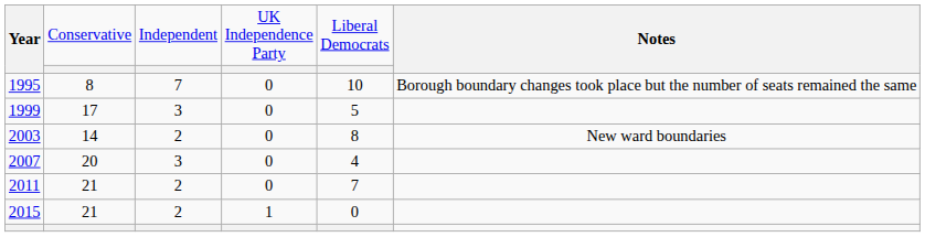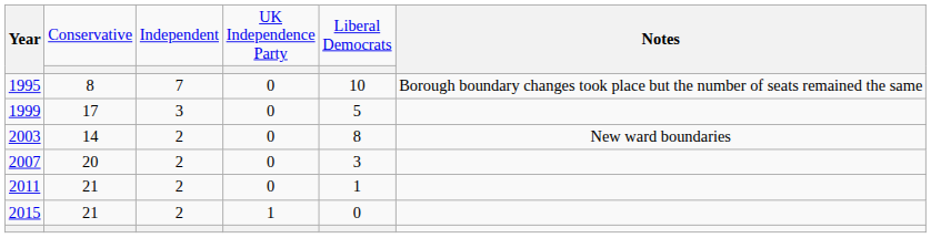 <table class=wikitable style=text-align:center>
 <tr>
 <th rowspan=2>Year</th>
 <td width="60"><a href='#'>Conservative</a></td>
 <td width="60"><a href='#'>Independent</a></td>
 <td width="60"><a href='#'>UK Independence Party</a></td>
 <td width="60"><a href='#'>Liberal Democrats</a></td>
 <th rowspan="2">Notes</th>
 </tr>
 <tr>
 <th style="background-color: "></th>
 <th style="background-color: "></th>
 <th style="background-color: "></th>
 <th style="background-color: "></th>
 </tr>
 <tr>
 <td><a href='#'>1995</a></td>
 <td>8</td>
 <td>7</td>
 <td>0</td>
 <td>10</td>
 <td>Borough boundary changes took place but the number of seats remained the same</td>
 </tr>
 <tr>
 <td><a href='#'>1999</a></td>
 <td>17</td>
 <td>3</td>
 <td>0</td>
 <td>5</td>
 <td></td>
 </tr>
 <tr>
 <td><a href='#'>2003</a></td>
 <td>14</td>
 <td>2</td>
 <td>0</td>
 <td>8</td>
 <td>New ward boundaries</td>
 </tr>
 <tr>
 <td><a href='#'>2007</a></td>
 <td>20</td>
+<td>2</td>
+<td>0</td>
 <td>3</td>
-<td>0</td>
-<td>4</td>
 <td></td>
 </tr>
 <tr>
 <td><a href='#'>2011</a></td>
 <td>21</td>
 <td>2</td>
 <td>0</td>
-<td>7</td>
+<td>1</td>
 <td></td>
 </tr>
 <tr>
 <td><a href='#'>2015</a></td>
 <td>21</td>
 <td>2</td>
 <td>1</td>
 <td>0</td>
 <td></td>
 </tr>
 <tr>
 <th></th>
 <th style="background-color: "></th>
 <th style="background-color: "></th>
 <th style="background-color: "></th>
 <th style="background-color: "></th>
 <td></td>
 </tr>
 </table>
